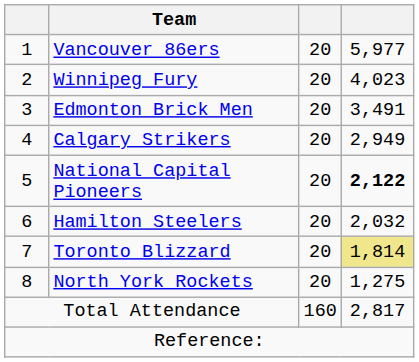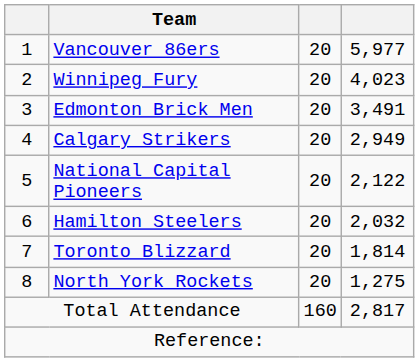 <table class="wikitable">
 <tr>
 <th width="25"></th>
 <th width="170">Team</th>
 <th></th>
 <th width="45"></th>
 </tr>
 <tr>
 <td align="center">1</td>
 <td><a href='#'>Vancouver 86ers</a></td>
 <td align="center">20</td>
 <td align="center">5,977</td>
 </tr>
 <tr>
 <td align="center">2</td>
 <td><a href='#'>Winnipeg Fury</a></td>
 <td align="center">20</td>
 <td align="center">4,023</td>
 </tr>
 <tr>
 <td align="center">3</td>
 <td><a href='#'>Edmonton Brick Men</a></td>
 <td align="center">20</td>
 <td align="center">3,491</td>
 </tr>
 <tr>
 <td align="center">4</td>
 <td><a href='#'>Calgary Strikers</a></td>
 <td align="center">20</td>
 <td align="center">2,949</td>
 </tr>
 <tr>
 <td align="center">5</td>
 <td><a href='#'>National Capital Pioneers</a></td>
 <td align="center">20</td>
-<td align="center"><strong>2,122</strong></td>
+<td align="center">2,122</td>
 </tr>
 <tr>
 <td align="center">6</td>
 <td><a href='#'>Hamilton Steelers</a></td>
 <td align="center">20</td>
 <td align="center">2,032</td>
 </tr>
 <tr>
 <td align="center">7</td>
 <td><a href='#'>Toronto Blizzard</a></td>
 <td align="center">20</td>
-<td align="center" style="background: khaki;">1,814</td>
+<td align="center">1,814</td>
 </tr>
 <tr>
 <td align="center">8</td>
 <td><a href='#'>North York Rockets</a></td>
 <td align="center">20</td>
 <td align="center">1,275</td>
 </tr>
 <tr>
 <td colspan="2" align="center">Total Attendance</td>
 <td align="center">160</td>
 <td align="center">2,817</td>
 </tr>
 <tr>
 <td colspan="4" align="center">Reference:</td>
 </tr>
 </table>
